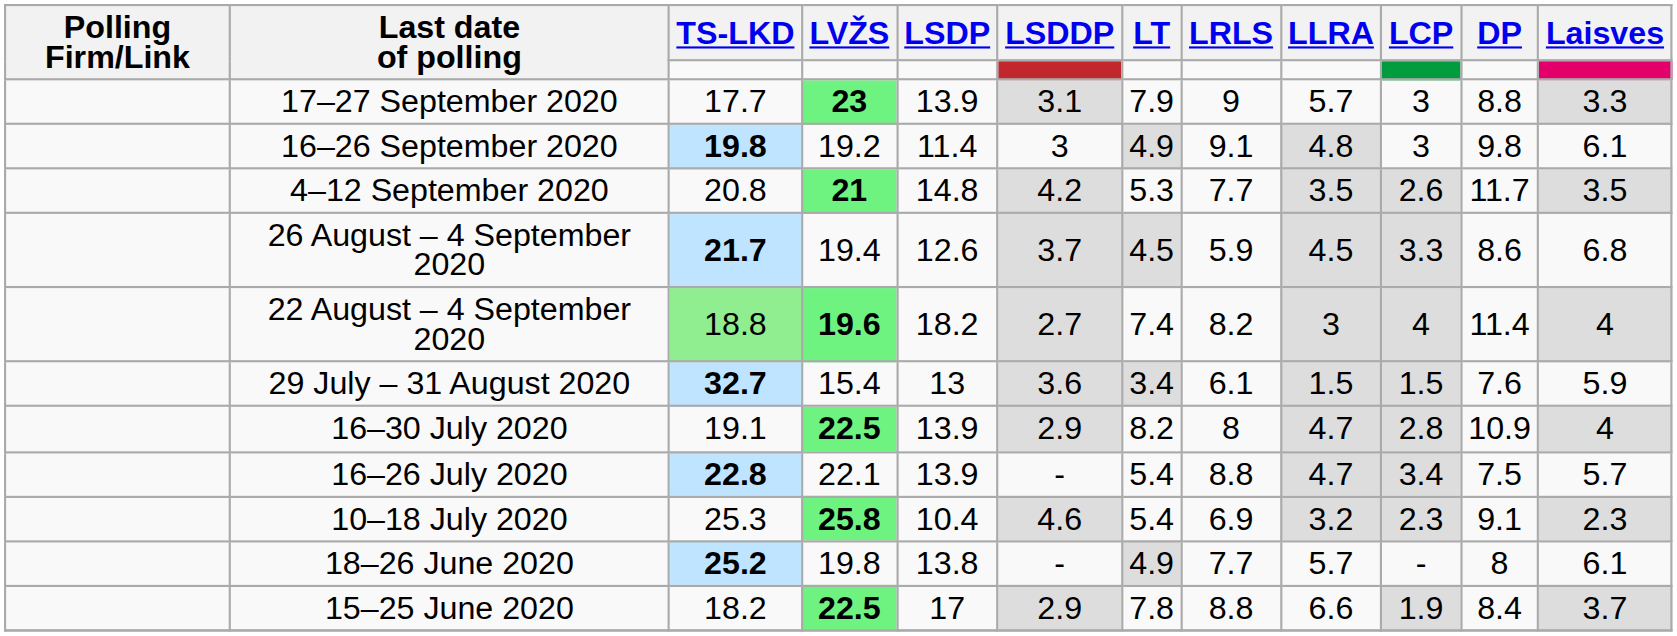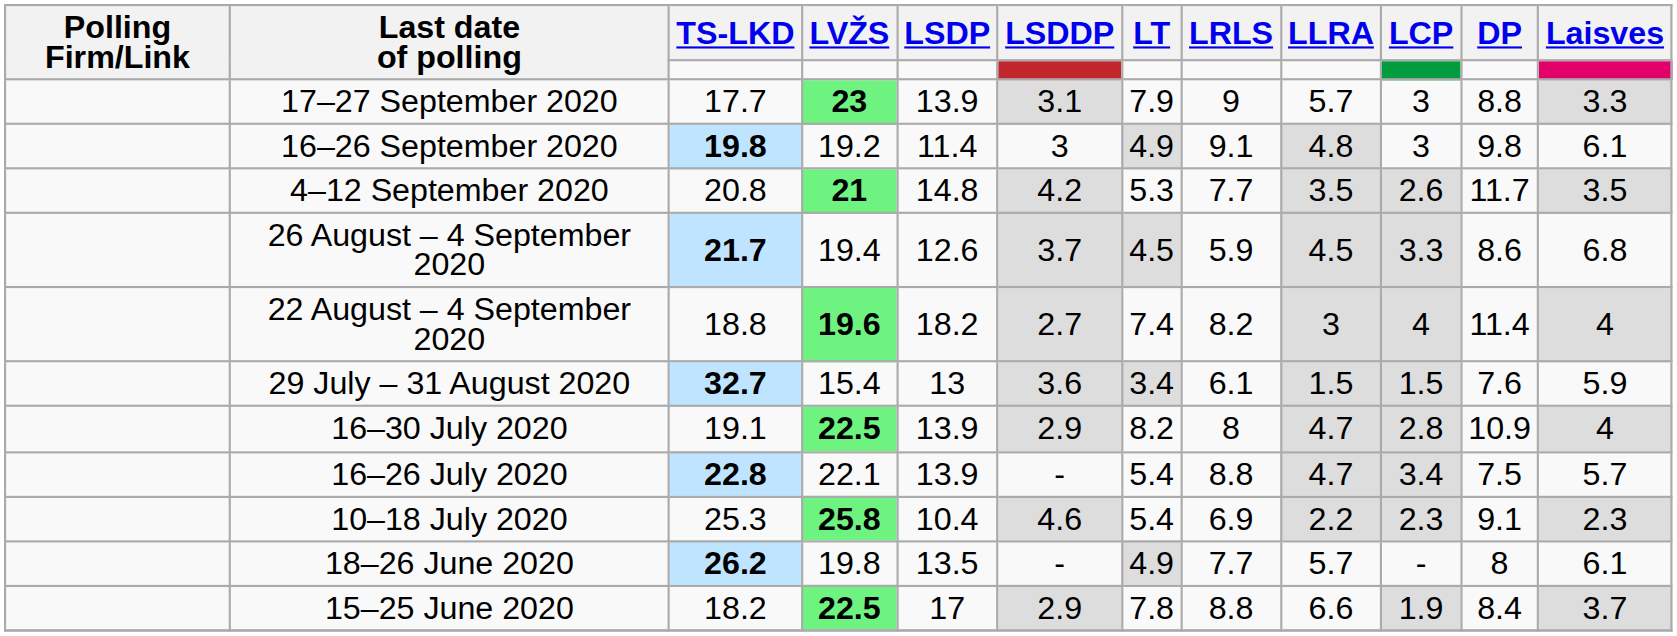 <table class="wikitable" style="text-align:center;font-size:95%;line-height:14px;">
 <tr>
 <th style="width:99px;" rowspan=2>Polling Firm/Link</th>
 <th style="width:200px;" rowspan=2>Last date<br>of polling</th>
 <th class="unsortable"><a href='#'>TS-LKD</a></th>
 <th class="unsortable"><a href='#'>LVŽS</a></th>
 <th class="unsortable"><a href='#'>LSDP</a></th>
 <th class="unsortable"><a href='#'>LSDDP</a></th>
 <th class="unsortable"><a href='#'>LT</a></th>
 <th class="unsortable"><a href='#'>LRLS</a></th>
 <th class="unsortable"><a href='#'>LLRA</a></th>
 <th class="unsortable"><a href='#'>LCP</a></th>
 <th class="unsortable"><a href='#'>DP</a></th>
 <th class="unsortable"><a href='#'>Laisves</a></th>
 </tr>
 <tr>
 <td style="background:"></td>
 <td style="background:"></td>
 <td style="background:"></td>
 <td style="background:#c1272d"></td>
 <td style="background:"></td>
 <td style="background:"></td>
 <td style="background:"></td>
 <td style="background:#009C3D"></td>
 <td style="background:"></td>
 <td style="background:#E3006B; width:40px;"></td>
 </tr>
 <tr>
 <td></td>
 <td>17–27 September 2020</td>
 <td>17.7</td>
 <td bgcolor="#6EF380"><strong>23</strong></td>
 <td>13.9</td>
 <td style="background:#DDDDDD">3.1</td>
 <td>7.9</td>
 <td>9</td>
 <td>5.7</td>
 <td>3</td>
 <td>8.8</td>
 <td style="background:#DDDDDD">3.3</td>
 </tr>
 <tr>
 <td></td>
 <td>16–26 September 2020</td>
 <td bgcolor="#BFE4FF"><strong>19.8</strong></td>
 <td>19.2</td>
 <td>11.4</td>
 <td>3</td>
 <td style="background:#DDDDDD">4.9</td>
 <td>9.1</td>
 <td style="background:#DDDDDD">4.8</td>
 <td>3</td>
 <td>9.8</td>
 <td>6.1</td>
 </tr>
 <tr>
 <td></td>
 <td>4–12 September 2020</td>
 <td>20.8</td>
 <td bgcolor="#6EF380"><strong>21</strong></td>
 <td>14.8</td>
 <td style="background:#DDDDDD">4.2</td>
 <td>5.3</td>
 <td>7.7</td>
 <td style="background:#DDDDDD">3.5</td>
 <td style="background:#DDDDDD">2.6</td>
 <td>11.7</td>
 <td style="background:#DDDDDD">3.5</td>
 </tr>
 <tr>
 <td></td>
 <td>26 August – 4 September 2020</td>
 <td bgcolor="#BFE4FF"><strong>21.7</strong></td>
 <td>19.4</td>
 <td>12.6</td>
 <td style="background:#DDDDDD">3.7</td>
 <td style="background:#DDDDDD">4.5</td>
 <td>5.9</td>
 <td style="background:#DDDDDD">4.5</td>
 <td style="background:#DDDDDD">3.3</td>
 <td>8.6</td>
 <td>6.8</td>
 </tr>
 <tr>
 <td></td>
 <td>22 August – 4 September 2020</td>
-<td style="background: lightgreen;">18.8</td>
+<td>18.8</td>
 <td bgcolor="#6EF380"><strong>19.6</strong></td>
 <td>18.2</td>
 <td style="background:#DDDDDD">2.7</td>
 <td>7.4</td>
 <td>8.2</td>
 <td style="background:#DDDDDD">3</td>
 <td style="background:#DDDDDD">4</td>
 <td>11.4</td>
 <td style="background:#DDDDDD">4</td>
 </tr>
 <tr>
 <td></td>
 <td>29 July – 31 August 2020</td>
 <td bgcolor="#BFE4FF"><strong>32.7</strong></td>
 <td>15.4</td>
 <td>13</td>
 <td style="background:#DDDDDD">3.6</td>
 <td style="background:#DDDDDD">3.4</td>
 <td>6.1</td>
 <td style="background:#DDDDDD">1.5</td>
 <td style="background:#DDDDDD">1.5</td>
 <td>7.6</td>
 <td>5.9</td>
 </tr>
 <tr>
 <td></td>
 <td>16–30 July 2020</td>
 <td>19.1</td>
 <td bgcolor="#6EF380"><strong>22.5</strong></td>
 <td>13.9</td>
 <td style="background:#DDDDDD">2.9</td>
 <td>8.2</td>
 <td>8</td>
 <td style="background:#DDDDDD">4.7</td>
 <td style="background:#DDDDDD">2.8</td>
 <td>10.9</td>
 <td style="background:#DDDDDD">4</td>
 </tr>
 <tr>
 <td></td>
 <td>16–26 July 2020</td>
 <td bgcolor="#BFE4FF"><strong>22.8</strong></td>
 <td>22.1</td>
 <td>13.9</td>
 <td>-</td>
 <td>5.4</td>
 <td>8.8</td>
 <td style="background:#DDDDDD">4.7</td>
 <td style="background:#DDDDDD">3.4</td>
 <td>7.5</td>
 <td>5.7</td>
 </tr>
 <tr>
 <td></td>
 <td>10–18 July 2020</td>
 <td>25.3</td>
 <td bgcolor="#6EF380"><strong>25.8</strong></td>
 <td>10.4</td>
 <td style="background:#DDDDDD">4.6</td>
 <td>5.4</td>
 <td>6.9</td>
-<td style="background:#DDDDDD">3.2</td>
+<td style="background:#DDDDDD">2.2</td>
 <td style="background:#DDDDDD">2.3</td>
 <td>9.1</td>
 <td style="background:#DDDDDD">2.3</td>
 </tr>
 <tr>
 <td></td>
 <td>18–26 June 2020</td>
-<td bgcolor="#BFE4FF"><strong>25.2</strong></td>
+<td bgcolor="#BFE4FF"><strong>26.2</strong></td>
 <td>19.8</td>
-<td>13.8</td>
+<td>13.5</td>
 <td>-</td>
 <td style="background:#DDDDDD">4.9</td>
 <td>7.7</td>
 <td>5.7</td>
 <td>-</td>
 <td>8</td>
 <td>6.1</td>
 </tr>
 <tr>
 <td></td>
 <td>15–25 June 2020</td>
 <td>18.2</td>
 <td bgcolor="#6EF380"><strong>22.5</strong></td>
 <td>17</td>
 <td style="background:#DDDDDD">2.9</td>
 <td>7.8</td>
 <td>8.8</td>
 <td>6.6</td>
 <td style="background:#DDDDDD">1.9</td>
 <td>8.4</td>
 <td style="background:#DDDDDD">3.7</td>
 </tr>
 <tr>
 </tr>
 </table>
